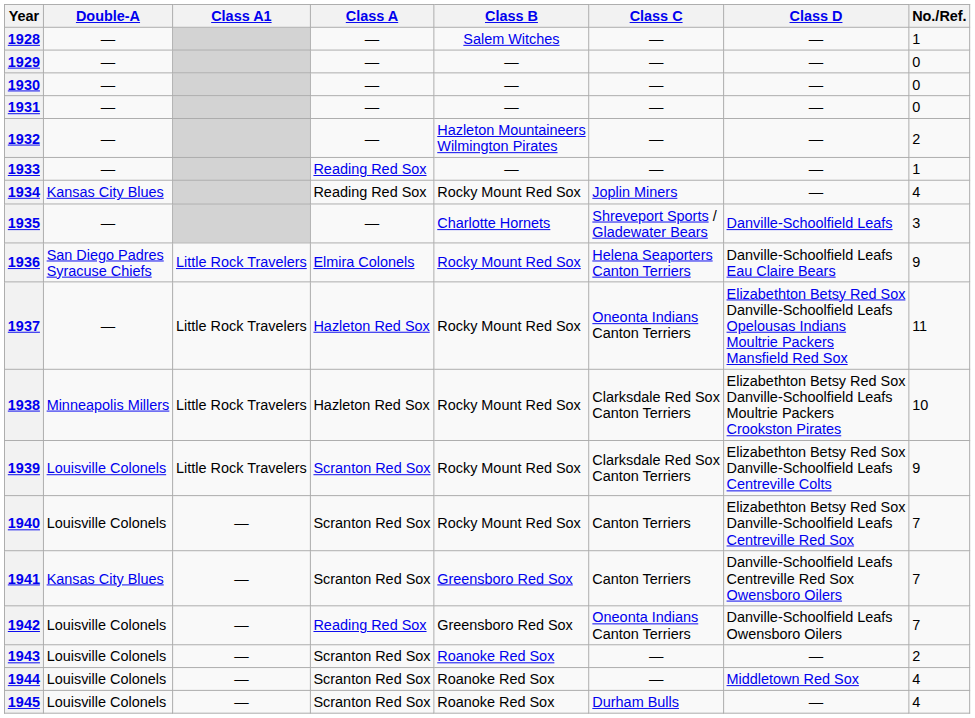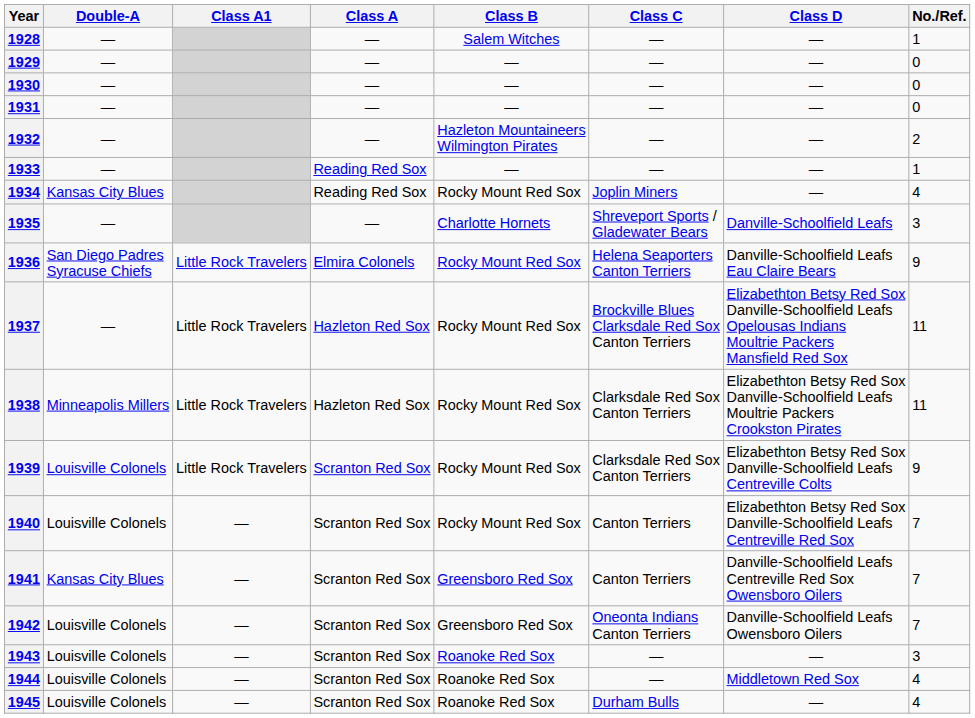 <table class="wikitable" style="text-align:left; font-size: 95%;">
 <tr>
 <th>Year</th>
 <th><a href='#'><span>Double-A</span></a></th>
 <th><a href='#'><span>Class A1</span></a></th>
 <th><a href='#'><span>Class A</span></a></th>
 <th><a href='#'><span>Class B</span></a></th>
 <th><a href='#'><span>Class C</span></a></th>
 <th><a href='#'><span>Class D</span></a></th>
 <th>No./Ref.</th>
 </tr>
 <tr>
 <th><a href='#'>1928</a></th>
 <td align=center>—</td>
 <td bgcolor=lightgrey></td>
 <td align=center>—</td>
 <td align=center><a href='#'>Salem Witches</a></td>
 <td align=center>—</td>
 <td align=center>—</td>
 <td>1</td>
 </tr>
 <tr>
 <th><a href='#'>1929</a></th>
 <td align=center>—</td>
 <td bgcolor=lightgrey></td>
 <td align=center>—</td>
 <td align=center>—</td>
 <td align=center>—</td>
 <td align=center>—</td>
 <td>0</td>
 </tr>
 <tr>
 <th><a href='#'>1930</a></th>
 <td align=center>—</td>
 <td bgcolor=lightgrey></td>
 <td align=center>—</td>
 <td align=center>—</td>
 <td align=center>—</td>
 <td align=center>—</td>
 <td>0</td>
 </tr>
 <tr>
 <th><a href='#'>1931</a></th>
 <td align=center>—</td>
 <td bgcolor=lightgrey></td>
 <td align=center>—</td>
 <td align=center>—</td>
 <td align=center>—</td>
 <td align=center>—</td>
 <td>0</td>
 </tr>
 <tr>
 <th><a href='#'>1932</a></th>
 <td align=center>—</td>
 <td bgcolor=lightgrey></td>
 <td align=center>—</td>
 <td><a href='#'>Hazleton Mountaineers</a><br><a href='#'>Wilmington Pirates</a></td>
 <td align=center>—</td>
 <td align=center>—</td>
 <td>2</td>
 </tr>
 <tr>
 <th><a href='#'>1933</a></th>
 <td align=center>—</td>
 <td bgcolor=lightgrey></td>
 <td><a href='#'>Reading Red Sox</a></td>
 <td align=center>—</td>
 <td align=center>—</td>
 <td align=center>—</td>
 <td>1</td>
 </tr>
 <tr>
 <th><a href='#'>1934</a></th>
 <td><a href='#'>Kansas City Blues</a></td>
 <td bgcolor=lightgrey></td>
 <td>Reading Red Sox</td>
 <td>Rocky Mount Red Sox</td>
 <td><a href='#'>Joplin Miners</a></td>
 <td align=center>—</td>
 <td>4</td>
 </tr>
 <tr>
 <th><a href='#'>1935</a></th>
 <td align=center>—</td>
 <td bgcolor=lightgrey></td>
 <td align=center>—</td>
 <td><a href='#'>Charlotte Hornets</a></td>
 <td><a href='#'>Shreveport Sports</a> /<br><a href='#'>Gladewater Bears</a></td>
 <td><a href='#'>Danville-Schoolfield Leafs</a></td>
 <td>3</td>
 </tr>
 <tr>
 <th><a href='#'>1936</a></th>
 <td><a href='#'>San Diego Padres</a><br><a href='#'>Syracuse Chiefs</a></td>
 <td><a href='#'>Little Rock Travelers</a></td>
 <td><a href='#'>Elmira Colonels</a></td>
 <td><a href='#'>Rocky Mount Red Sox</a></td>
 <td><a href='#'>Helena Seaporters</a><br><a href='#'>Canton Terriers</a></td>
 <td>Danville-Schoolfield Leafs<br><a href='#'>Eau Claire Bears</a></td>
 <td>9</td>
 </tr>
 <tr>
 <th><a href='#'>1937</a></th>
 <td align=center>—</td>
 <td>Little Rock Travelers</td>
 <td><a href='#'>Hazleton Red Sox</a></td>
 <td>Rocky Mount Red Sox</td>
-<td><a href='#'>Oneonta Indians</a><br>Canton Terriers</td>
+<td><a href='#'>Brockville Blues</a><br><a href='#'>Clarksdale Red Sox</a><br>Canton Terriers</td>
 <td><a href='#'>Elizabethton Betsy Red Sox</a><br>Danville-Schoolfield Leafs<br><a href='#'>Opelousas Indians</a><br><a href='#'>Moultrie Packers</a><br><a href='#'>Mansfield Red Sox</a></td>
 <td>11</td>
 </tr>
 <tr>
 <th><a href='#'>1938</a></th>
 <td><a href='#'>Minneapolis Millers</a></td>
 <td>Little Rock Travelers</td>
 <td>Hazleton Red Sox</td>
 <td>Rocky Mount Red Sox</td>
 <td>Clarksdale Red Sox<br>Canton Terriers</td>
 <td>Elizabethton Betsy Red Sox<br>Danville-Schoolfield Leafs<br>Moultrie Packers<br><a href='#'>Crookston Pirates</a></td>
-<td>10</td>
+<td>11</td>
 </tr>
 <tr>
 <th><a href='#'>1939</a></th>
 <td><a href='#'>Louisville Colonels</a></td>
 <td>Little Rock Travelers</td>
 <td><a href='#'>Scranton Red Sox</a></td>
 <td>Rocky Mount Red Sox</td>
 <td>Clarksdale Red Sox<br>Canton Terriers</td>
 <td>Elizabethton Betsy Red Sox<br>Danville-Schoolfield Leafs<br><a href='#'>Centreville Colts</a></td>
 <td>9</td>
 </tr>
 <tr>
 <th><a href='#'>1940</a></th>
 <td>Louisville Colonels</td>
 <td align=center>—</td>
 <td>Scranton Red Sox</td>
 <td>Rocky Mount Red Sox</td>
 <td>Canton Terriers</td>
 <td>Elizabethton Betsy Red Sox<br>Danville-Schoolfield Leafs<br><a href='#'>Centreville Red Sox</a></td>
 <td>7</td>
 </tr>
 <tr>
 <th><a href='#'>1941</a></th>
 <td><a href='#'>Kansas City Blues</a></td>
 <td align=center>—</td>
 <td>Scranton Red Sox</td>
 <td><a href='#'>Greensboro Red Sox</a></td>
 <td>Canton Terriers</td>
 <td>Danville-Schoolfield Leafs<br>Centreville Red Sox<br><a href='#'>Owensboro Oilers</a></td>
 <td>7</td>
 </tr>
 <tr>
 <th><a href='#'>1942</a></th>
 <td>Louisville Colonels</td>
 <td align=center>—</td>
-<td><a href='#'>Reading Red Sox</a></td>
+<td>Scranton Red Sox</td>
 <td>Greensboro Red Sox</td>
 <td><a href='#'>Oneonta Indians</a><br>Canton Terriers</td>
 <td>Danville-Schoolfield Leafs<br>Owensboro Oilers</td>
 <td>7</td>
 </tr>
 <tr>
 <th><a href='#'>1943</a></th>
 <td>Louisville Colonels</td>
 <td align=center>—</td>
 <td>Scranton Red Sox</td>
 <td><a href='#'>Roanoke Red Sox</a></td>
 <td align=center>—</td>
 <td align=center>—</td>
-<td>2</td>
+<td>3</td>
 </tr>
 <tr>
 <th><a href='#'>1944</a></th>
 <td>Louisville Colonels</td>
 <td align=center>—</td>
 <td>Scranton Red Sox</td>
 <td>Roanoke Red Sox</td>
 <td align=center>—</td>
 <td><a href='#'>Middletown Red Sox</a></td>
 <td>4</td>
 </tr>
 <tr>
 <th><a href='#'>1945</a></th>
 <td>Louisville Colonels</td>
 <td align=center>—</td>
 <td>Scranton Red Sox</td>
 <td>Roanoke Red Sox</td>
 <td><a href='#'>Durham Bulls</a></td>
 <td align=center>—</td>
 <td>4</td>
 </tr>
 </table>
